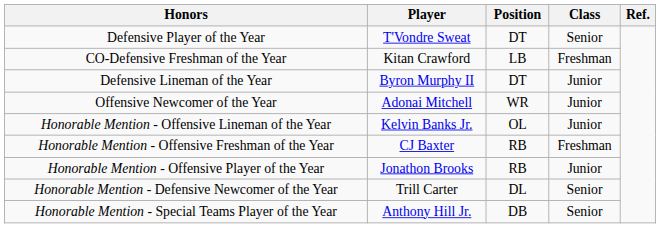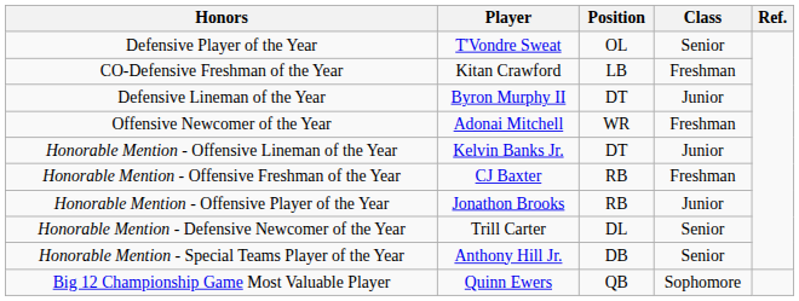 <table class="wikitable" style="width: 60%;text-align: center;">
 <tr>
 <th>Honors</th>
 <th>Player</th>
 <th>Position</th>
 <th>Class</th>
 <th>Ref.</th>
 </tr>
 <tr align="center">
 <td>Defensive Player of the Year</td>
 <td><a href='#'>T'Vondre Sweat</a></td>
-<td>DT</td>
+<td>OL</td>
 <td>Senior</td>
 <td rowspan="9"></td>
 </tr>
 <tr align="center">
 <td>CO-Defensive Freshman of the Year</td>
 <td>Kitan Crawford</td>
 <td>LB</td>
 <td>Freshman</td>
 </tr>
 <tr align="center">
 <td>Defensive Lineman of the Year</td>
 <td><a href='#'>Byron Murphy II</a></td>
 <td>DT</td>
 <td>Junior</td>
 </tr>
 <tr align="center">
 <td>Offensive Newcomer of the Year</td>
 <td><a href='#'>Adonai Mitchell</a></td>
 <td>WR</td>
-<td>Junior</td>
+<td>Freshman</td>
 </tr>
 <tr align="center">
 <td><em>Honorable Mention</em> - Offensive Lineman of the Year</td>
 <td><a href='#'>Kelvin Banks Jr.</a></td>
-<td>OL</td>
+<td>DT</td>
 <td>Junior</td>
 </tr>
 <tr align="center">
 <td><em>Honorable Mention</em> - Offensive Freshman of the Year</td>
 <td><a href='#'>CJ Baxter</a></td>
 <td>RB</td>
 <td>Freshman</td>
 </tr>
 <tr align="center">
 <td><em>Honorable Mention</em> - Offensive Player of the Year</td>
 <td><a href='#'>Jonathon Brooks</a></td>
 <td>RB</td>
 <td>Junior</td>
 </tr>
 <tr align="center">
 <td><em>Honorable Mention</em> - Defensive Newcomer of the Year</td>
 <td>Trill Carter</td>
 <td>DL</td>
 <td>Senior</td>
 </tr>
 <tr align="center">
 <td><em>Honorable Mention</em> - Special Teams Player of the Year</td>
 <td><a href='#'>Anthony Hill Jr.</a></td>
 <td>DB</td>
 <td>Senior</td>
 </tr>
+<tr align="center">
+<td><a href='#'>Big 12 Championship Game</a> Most Valuable Player</td>
+<td><a href='#'>Quinn Ewers</a></td>
+<td>QB</td>
+<td>Sophomore</td>
+<td></td>
+</tr>
 </table>
